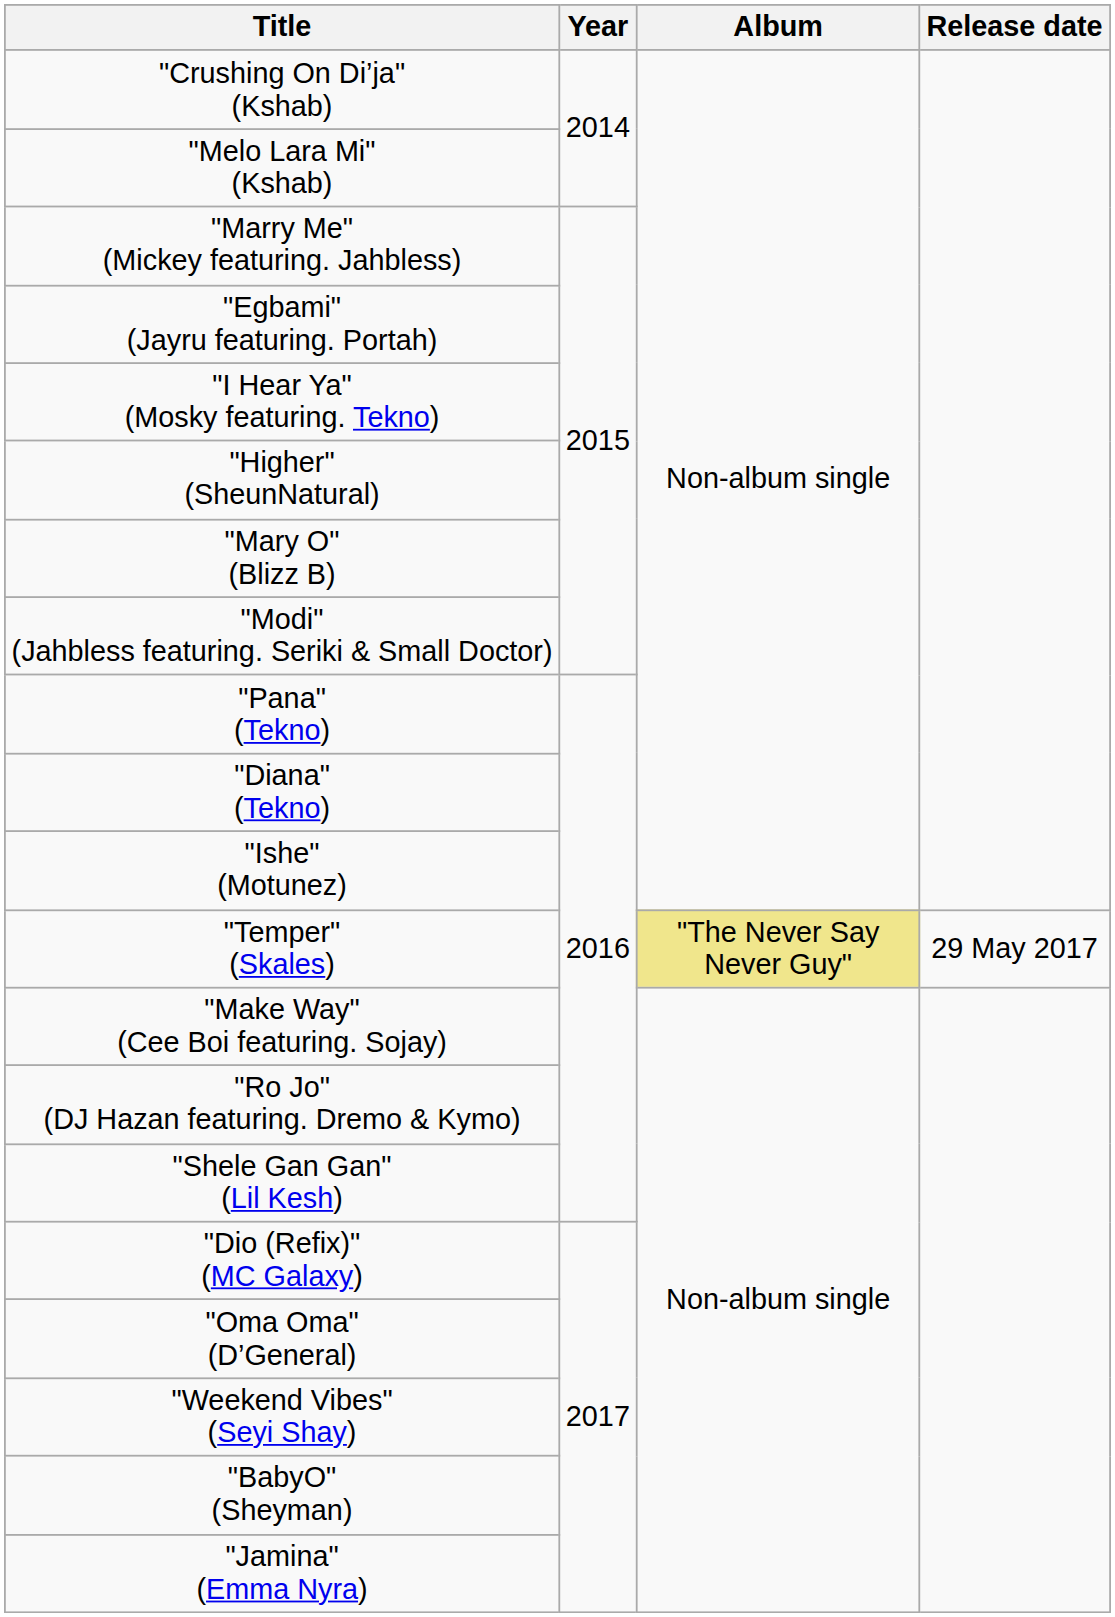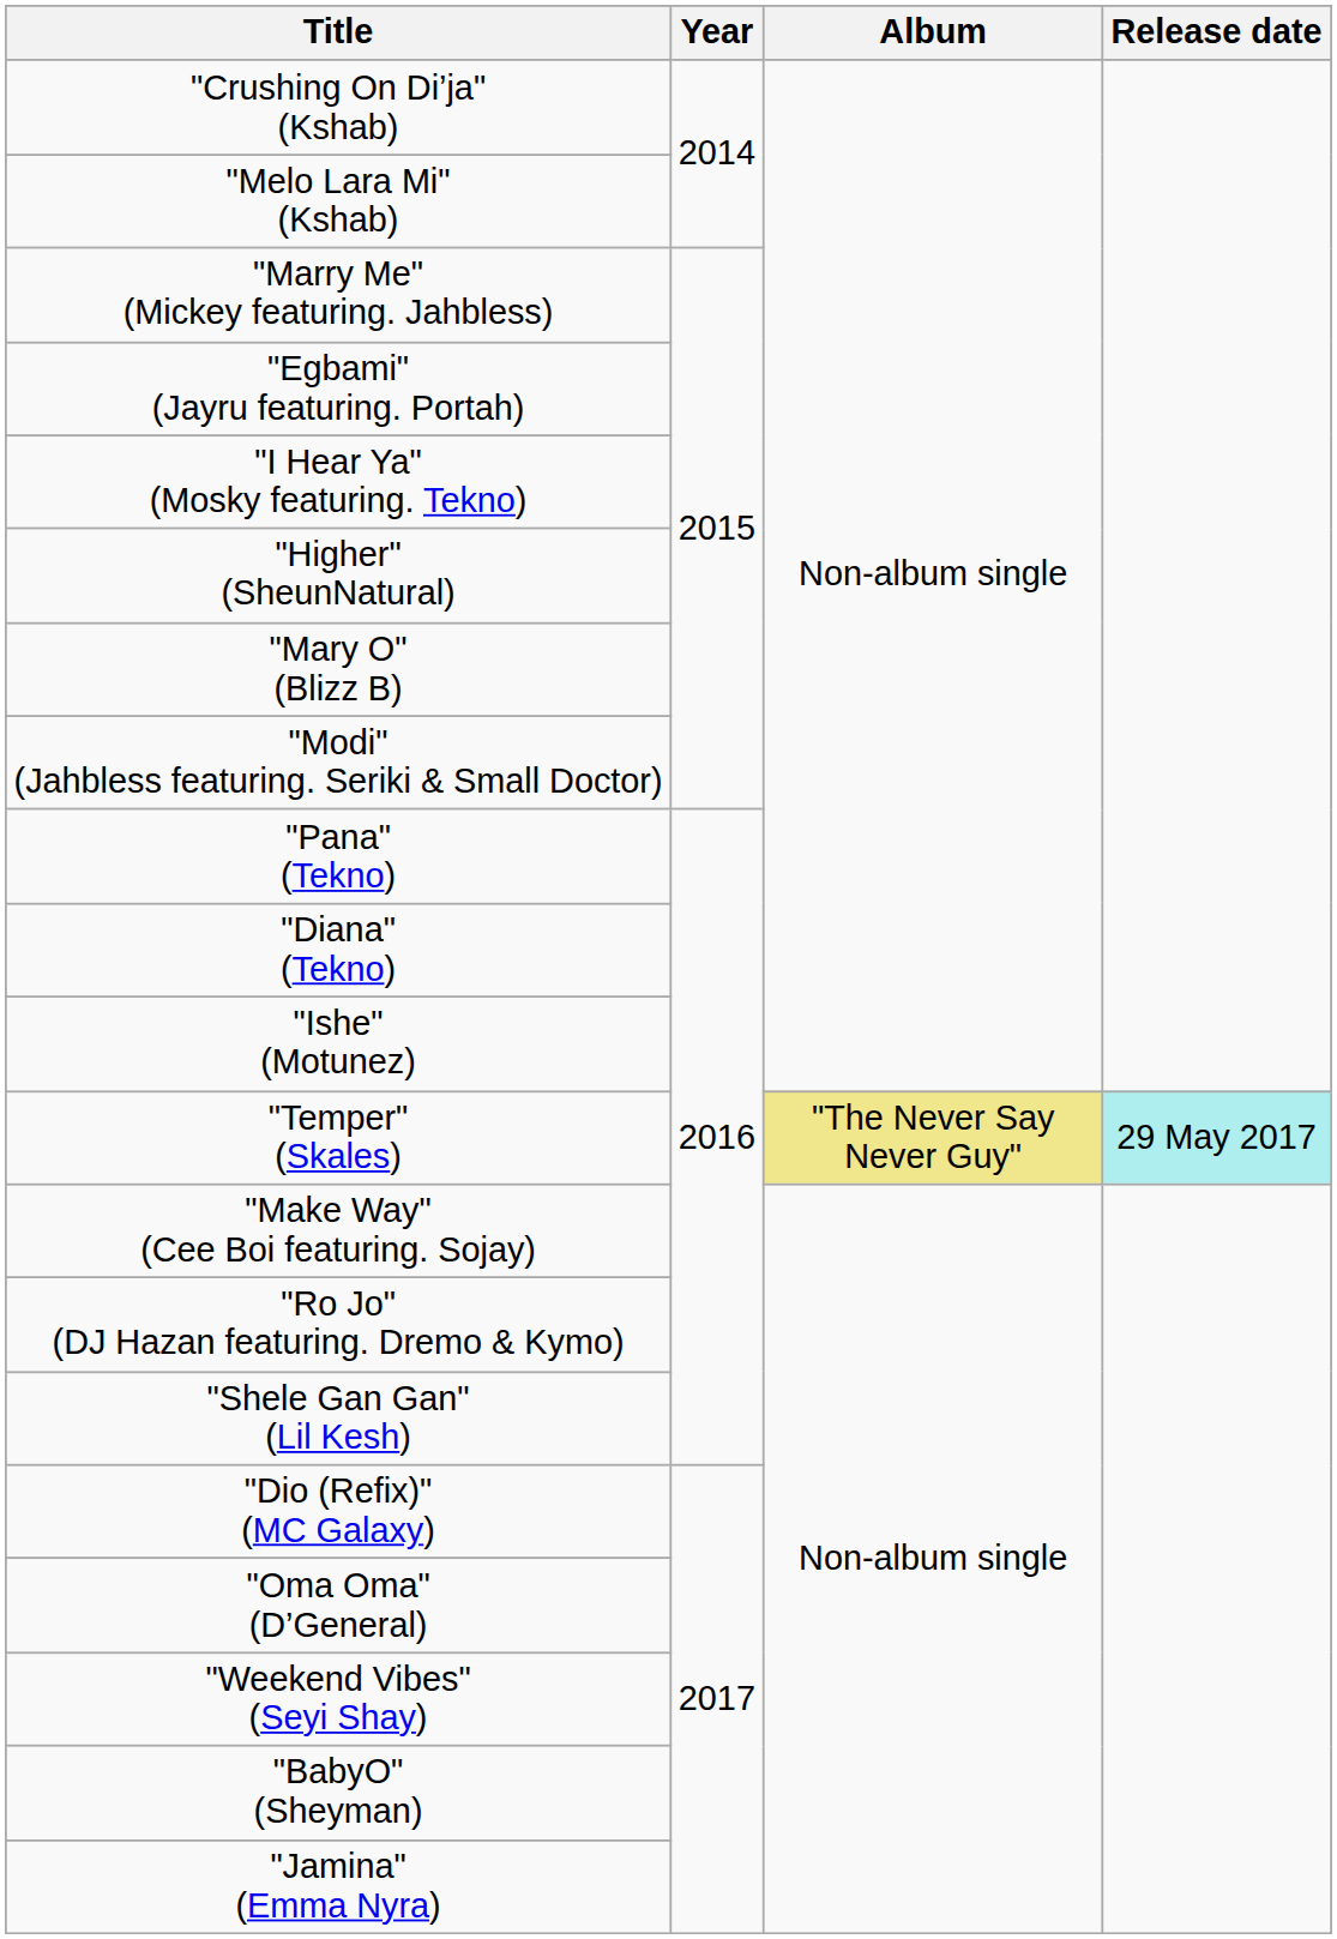 <table class="wikitable plainrowheaders" style="text-align:center;" border="1">
 <tr>
 <th>Title</th>
 <th>Year</th>
 <th width="150">Album</th>
 <th>Release date</th>
 </tr>
 <tr>
 <td>"Crushing On Di’ja" <br><span>(Kshab)</span></td>
 <td rowspan="2">2014</td>
 <td rowspan="11">Non-album single</td>
 <td rowspan="11"></td>
 </tr>
 <tr>
 <td>"Melo Lara Mi" <br><span>(Kshab)</span></td>
 </tr>
 <tr>
 <td>"Marry Me" <br><span>(Mickey featuring. Jahbless)</span></td>
 <td rowspan="6">2015</td>
 </tr>
 <tr>
 <td>"Egbami" <br><span>(Jayru featuring. Portah)</span></td>
 </tr>
 <tr>
 <td>"I Hear Ya" <br><span>(Mosky featuring. <a href='#'>Tekno</a>)</span></td>
 </tr>
 <tr>
 <td>"Higher" <br><span>(SheunNatural)</span></td>
 </tr>
 <tr>
 <td>"Mary O" <br><span>(Blizz B)</span></td>
 </tr>
 <tr>
 <td>"Modi" <br><span>(Jahbless featuring. Seriki & Small Doctor)</span></td>
 </tr>
 <tr>
 <td>"Pana" <br><span>(<a href='#'>Tekno</a>)</span></td>
 <td rowspan="7">2016</td>
 </tr>
 <tr>
 <td>"Diana" <br><span>(<a href='#'>Tekno</a>)</span></td>
 </tr>
 <tr>
 <td>"Ishe" <br><span>(Motunez)</span></td>
 </tr>
 <tr>
 <td>"Temper" <br><span>(<a href='#'>Skales</a>)</span></td>
 <td style="background: khaki;">"The Never Say Never Guy"</td>
-<td>29 May 2017</td>
+<td style="background: paleturquoise;">29 May 2017</td>
 </tr>
 <tr>
 <td>"Make Way" <br><span>(Cee Boi featuring. Sojay)</span></td>
 <td rowspan="8">Non-album single</td>
 <td rowspan="8"></td>
 </tr>
 <tr>
 <td>"Ro Jo" <br><span>(DJ Hazan featuring. Dremo & Kymo)</span></td>
 </tr>
 <tr>
 <td>"Shele Gan Gan" <br><span>(<a href='#'>Lil Kesh</a>)</span></td>
 </tr>
 <tr>
 <td>"Dio (Refix)" <br><span>(<a href='#'>MC Galaxy</a>)</span></td>
 <td rowspan="5">2017</td>
 </tr>
 <tr>
 <td>"Oma Oma" <br><span>(D’General)</span></td>
 </tr>
 <tr>
 <td>"Weekend Vibes" <br><span>(<a href='#'>Seyi Shay</a>)</span></td>
 </tr>
 <tr>
 <td>"BabyO" <br><span>(Sheyman)</span></td>
 </tr>
 <tr>
 <td>"Jamina" <br><span>(<a href='#'>Emma Nyra</a>)</span></td>
 </tr>
 </table>
